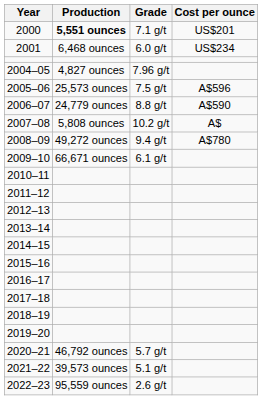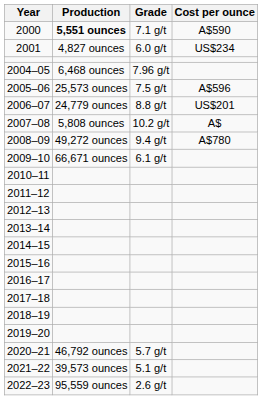 <table class="wikitable">
 <tr style="text-align:center;">
 <th>Year</th>
 <th>Production</th>
 <th>Grade</th>
 <th>Cost per ounce</th>
 </tr>
 <tr style="text-align:center;">
 <td>2000</td>
 <td><strong>5,551 ounces</strong></td>
 <td>7.1 g/t</td>
-<td>US$201</td>
+<td>A$590</td>
 </tr>
 <tr style="text-align:center;">
 <td>2001</td>
-<td>6,468 ounces</td>
+<td>4,827 ounces</td>
 <td>6.0 g/t</td>
 <td>US$234</td>
 </tr>
 <tr style="text-align:center;">
 <td></td>
 <td></td>
 <td></td>
 <td></td>
 </tr>
 <tr style="text-align:center;">
 <td>2004–05</td>
-<td>4,827 ounces</td>
+<td>6,468 ounces</td>
 <td>7.96 g/t</td>
 <td></td>
 </tr>
 <tr style="text-align:center;">
 <td>2005–06</td>
 <td>25,573 ounces</td>
 <td>7.5 g/t</td>
 <td>A$596</td>
 </tr>
 <tr style="text-align:center;">
 <td>2006–07</td>
 <td>24,779 ounces</td>
 <td>8.8 g/t</td>
-<td>A$590</td>
+<td>US$201</td>
 </tr>
 <tr style="text-align:center;">
 <td>2007–08</td>
 <td>5,808 ounces</td>
 <td>10.2 g/t</td>
 <td>A$</td>
 </tr>
 <tr style="text-align:center;">
 <td>2008–09</td>
 <td>49,272 ounces</td>
 <td>9.4 g/t</td>
 <td>A$780</td>
 </tr>
 <tr style="text-align:center;">
 <td>2009–10</td>
 <td>66,671 ounces</td>
 <td>6.1 g/t</td>
 <td></td>
 </tr>
 <tr style="text-align:center;">
 <td>2010–11</td>
 <td></td>
 <td></td>
 <td></td>
 </tr>
 <tr style="text-align:center;">
 <td>2011–12</td>
 <td></td>
 <td></td>
 <td></td>
 </tr>
 <tr style="text-align:center;">
 <td>2012–13</td>
 <td></td>
 <td></td>
 <td></td>
 </tr>
 <tr style="text-align:center;">
 <td>2013–14</td>
 <td></td>
 <td></td>
 <td></td>
 </tr>
 <tr style="text-align:center;">
 <td>2014–15</td>
 <td></td>
 <td></td>
 <td></td>
 </tr>
 <tr style="text-align:center;">
 <td>2015–16</td>
 <td></td>
 <td></td>
 <td></td>
 </tr>
 <tr style="text-align:center;">
 <td>2016–17</td>
 <td></td>
 <td></td>
 <td></td>
 </tr>
 <tr style="text-align:center;">
 <td>2017–18</td>
 <td></td>
 <td></td>
 <td></td>
 </tr>
 <tr style="text-align:center;">
 <td>2018–19</td>
 <td></td>
 <td></td>
 <td></td>
 </tr>
 <tr style="text-align:center;">
 <td>2019–20</td>
 <td></td>
 <td></td>
 <td></td>
 </tr>
 <tr style="text-align:center;">
 <td>2020–21</td>
 <td>46,792 ounces</td>
 <td>5.7 g/t</td>
 <td></td>
 </tr>
 <tr style="text-align:center;">
 <td>2021–22</td>
 <td>39,573 ounces</td>
 <td>5.1 g/t</td>
 <td></td>
 </tr>
 <tr style="text-align:center;">
 <td>2022–23</td>
 <td>95,559 ounces</td>
 <td>2.6 g/t</td>
 <td></td>
 </tr>
 </table>
